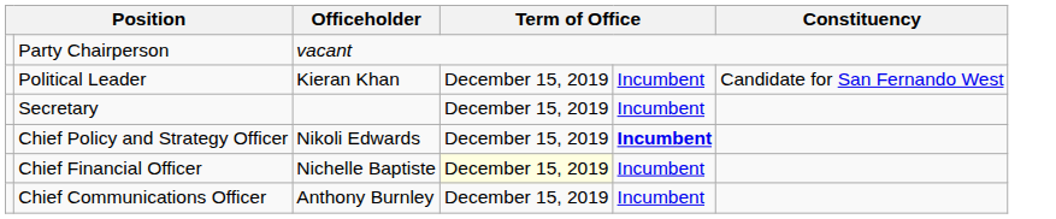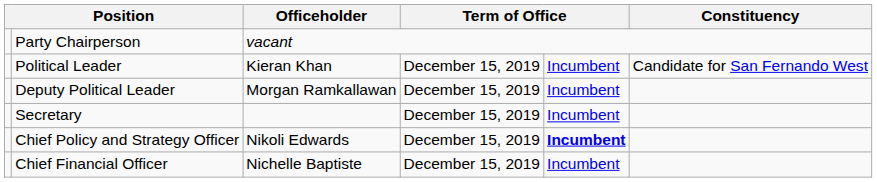 <table class="wikitable sortable" style="text-align: left">
 <tr>
 <th colspan="2">Position</th>
 <th>Officeholder</th>
 <th colspan="2">Term of Office</th>
 <th>Constituency</th>
 </tr>
 <tr>
 <td></td>
 <td>Party Chairperson</td>
 <td colspan="4"><em>vacant</em></td>
 </tr>
 <tr>
 <td></td>
 <td>Political Leader</td>
 <td>Kieran Khan</td>
 <td>December 15, 2019</td>
 <td><a href='#'>Incumbent</a></td>
 <td>Candidate for <a href='#'>San Fernando West</a></td>
 </tr>
 <tr>
 <td></td>
+<td>Deputy Political Leader</td>
+<td>Morgan Ramkallawan</td>
+<td>December 15, 2019</td>
+<td><a href='#'>Incumbent</a></td>
+<td></td>
+</tr>
+<tr>
+<td></td>
 <td>Secretary</td>
 <td></td>
 <td>December 15, 2019</td>
 <td><a href='#'>Incumbent</a></td>
 </tr>
 <tr>
 <td></td>
 <td>Chief Policy and Strategy Officer</td>
 <td>Nikoli Edwards</td>
 <td>December 15, 2019</td>
 <td><strong><a href='#'>Incumbent</a></strong></td>
 <td></td>
 </tr>
 <tr>
 <td></td>
 <td>Chief Financial Officer</td>
 <td>Nichelle Baptiste</td>
-<td style="background: lightyellow;">December 15, 2019</td>
-<td><a href='#'>Incumbent</a></td>
-<td></td>
-</tr>
-<tr>
-<td></td>
-<td>Chief Communications Officer</td>
-<td>Anthony Burnley</td>
 <td>December 15, 2019</td>
 <td><a href='#'>Incumbent</a></td>
 <td></td>
 </tr>
 </table>
